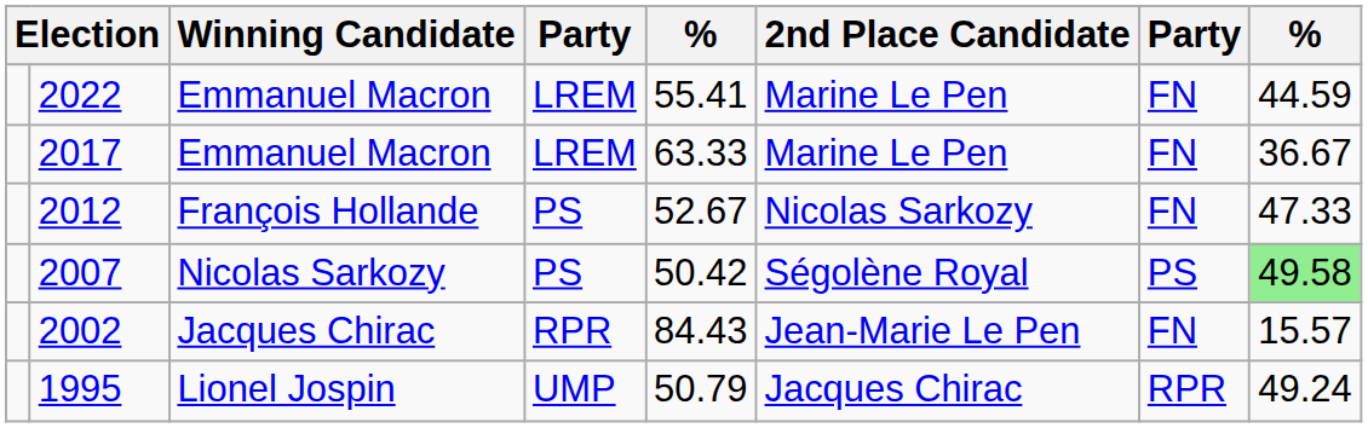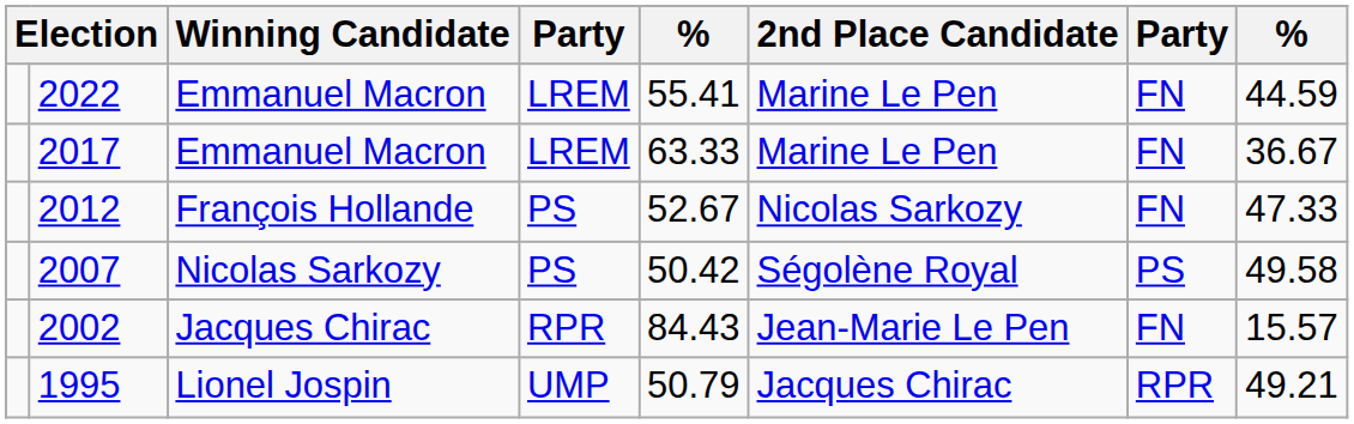 <table class="wikitable">
 <tr>
 <th colspan="2">Election</th>
 <th>Winning Candidate</th>
 <th>Party</th>
 <th>%</th>
 <th>2nd Place Candidate</th>
 <th>Party</th>
 <th>%</th>
 </tr>
 <tr>
 <td style="background-color: "></td>
 <td><a href='#'>2022</a></td>
 <td><a href='#'>Emmanuel Macron</a></td>
 <td><a href='#'>LREM</a></td>
 <td>55.41</td>
 <td><a href='#'>Marine Le Pen</a></td>
 <td><a href='#'>FN</a></td>
 <td>44.59</td>
 </tr>
 <tr>
 <td style="background-color: "></td>
 <td><a href='#'>2017</a></td>
 <td><a href='#'>Emmanuel Macron</a></td>
 <td><a href='#'>LREM</a></td>
 <td>63.33</td>
 <td><a href='#'>Marine Le Pen</a></td>
 <td><a href='#'>FN</a></td>
 <td>36.67</td>
 </tr>
 <tr>
 <td style="background-color: "></td>
 <td><a href='#'>2012</a></td>
 <td><a href='#'>François Hollande</a></td>
 <td><a href='#'>PS</a></td>
 <td>52.67</td>
 <td><a href='#'>Nicolas Sarkozy</a></td>
 <td><a href='#'>FN</a></td>
 <td>47.33</td>
 </tr>
 <tr>
 <td style="background-color: "></td>
 <td><a href='#'>2007</a></td>
 <td><a href='#'>Nicolas Sarkozy</a></td>
 <td><a href='#'>PS</a></td>
 <td>50.42</td>
 <td><a href='#'>Ségolène Royal</a></td>
 <td><a href='#'>PS</a></td>
-<td style="background: lightgreen;">49.58</td>
+<td>49.58</td>
 </tr>
 <tr>
 <td style="background-color: "></td>
 <td><a href='#'>2002</a></td>
 <td><a href='#'>Jacques Chirac</a></td>
 <td><a href='#'>RPR</a></td>
 <td>84.43</td>
 <td><a href='#'>Jean-Marie Le Pen</a></td>
 <td><a href='#'>FN</a></td>
 <td>15.57</td>
 </tr>
 <tr>
 <td style="background-color: "></td>
 <td><a href='#'>1995</a></td>
 <td><a href='#'>Lionel Jospin</a></td>
 <td><a href='#'>UMP</a></td>
 <td>50.79</td>
 <td><a href='#'>Jacques Chirac</a></td>
 <td><a href='#'>RPR</a></td>
-<td>49.24</td>
+<td>49.21</td>
 </tr>
 </table>
